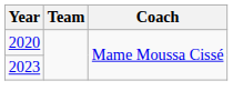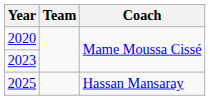 <table class="wikitable">
 <tr>
 <th>Year</th>
 <th>Team</th>
 <th>Coach</th>
 </tr>
 <tr>
 <td><a href='#'>2020</a></td>
 <td rowspan=2></td>
 <td rowspan=2> <a href='#'>Mame Moussa Cissé</a></td>
 </tr>
 <tr>
 <td><a href='#'>2023</a></td>
 </tr>
+<tr>
+<td><a href='#'>2025</a></td>
+<td></td>
+<td> <a href='#'>Hassan Mansaray</a></td>
+</tr>
 </table>
